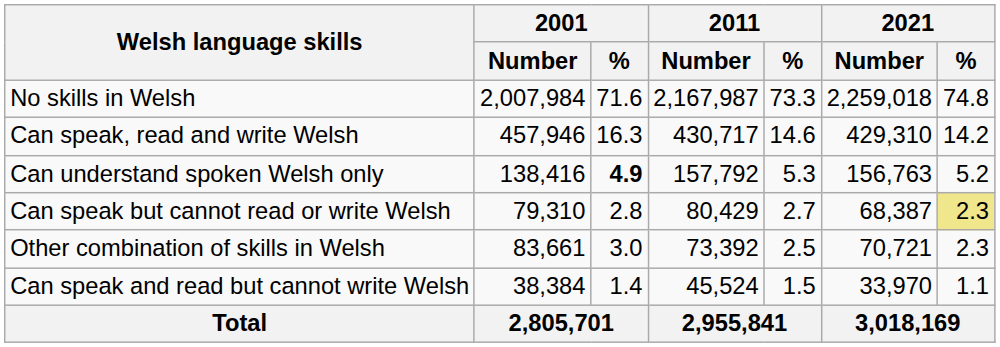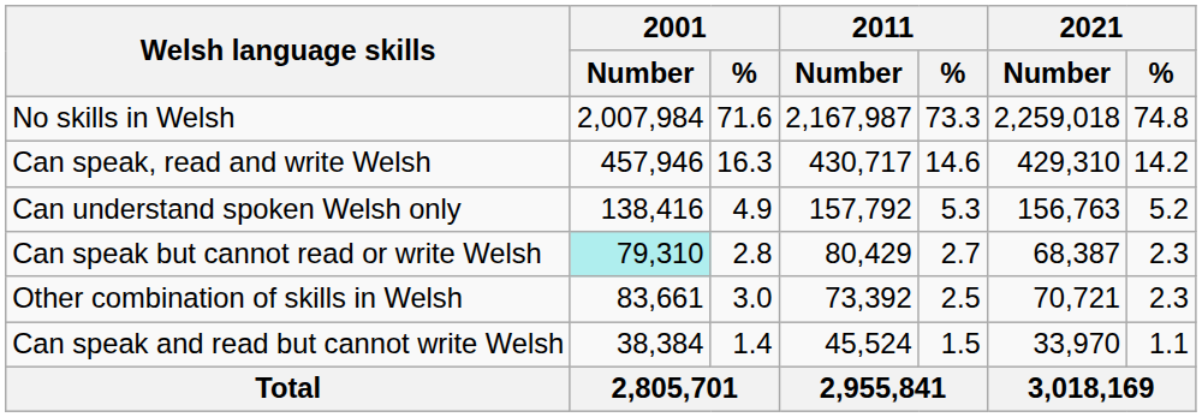 <table class="wikitable sortable" style="text-align:right">
 <tr>
 <th rowspan="2">Welsh language skills</th>
 <th colspan="2">2001</th>
 <th colspan="2">2011</th>
 <th colspan="2">2021</th>
 </tr>
 <tr>
 <th>Number</th>
 <th>%</th>
 <th>Number</th>
 <th>%</th>
 <th>Number</th>
 <th>%</th>
 </tr>
 <tr>
 <td style="text-align:left">No skills in Welsh</td>
 <td>2,007,984</td>
 <td>71.6</td>
 <td>2,167,987</td>
 <td>73.3</td>
 <td>2,259,018</td>
 <td>74.8</td>
 </tr>
 <tr>
 <td style="text-align:left">Can speak, read and write Welsh</td>
 <td>457,946</td>
 <td>16.3</td>
 <td>430,717</td>
 <td>14.6</td>
 <td>429,310</td>
 <td>14.2</td>
 </tr>
 <tr>
 <td style="text-align:left">Can understand spoken Welsh only</td>
 <td>138,416</td>
-<td><strong>4.9</strong></td>
+<td>4.9</td>
 <td>157,792</td>
 <td>5.3</td>
 <td>156,763</td>
 <td>5.2</td>
 </tr>
 <tr>
 <td style="text-align:left">Can speak but cannot read or write Welsh</td>
-<td>79,310</td>
+<td style="background: paleturquoise;">79,310</td>
 <td>2.8</td>
 <td>80,429</td>
 <td>2.7</td>
 <td>68,387</td>
-<td style="background: khaki;">2.3</td>
+<td>2.3</td>
 </tr>
 <tr>
 <td style="text-align:left">Other combination of skills in Welsh</td>
 <td>83,661</td>
 <td>3.0</td>
 <td>73,392</td>
 <td>2.5</td>
 <td>70,721</td>
 <td>2.3</td>
 </tr>
 <tr>
 <td style="text-align:left">Can speak and read but cannot write Welsh</td>
 <td>38,384</td>
 <td>1.4</td>
 <td>45,524</td>
 <td>1.5</td>
 <td>33,970</td>
 <td>1.1</td>
 </tr>
 <tr>
 <th>Total</th>
 <th colspan="2">2,805,701</th>
 <th colspan="2">2,955,841</th>
 <th colspan="2">3,018,169</th>
 </tr>
 </table>
